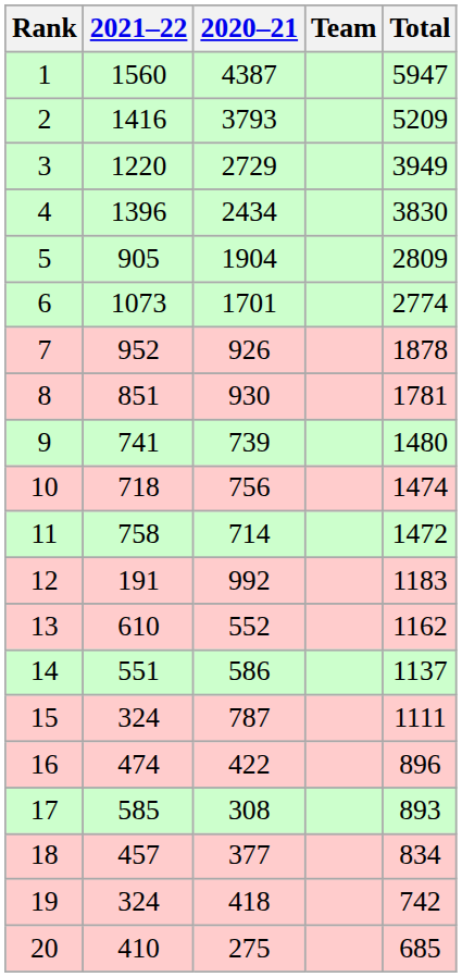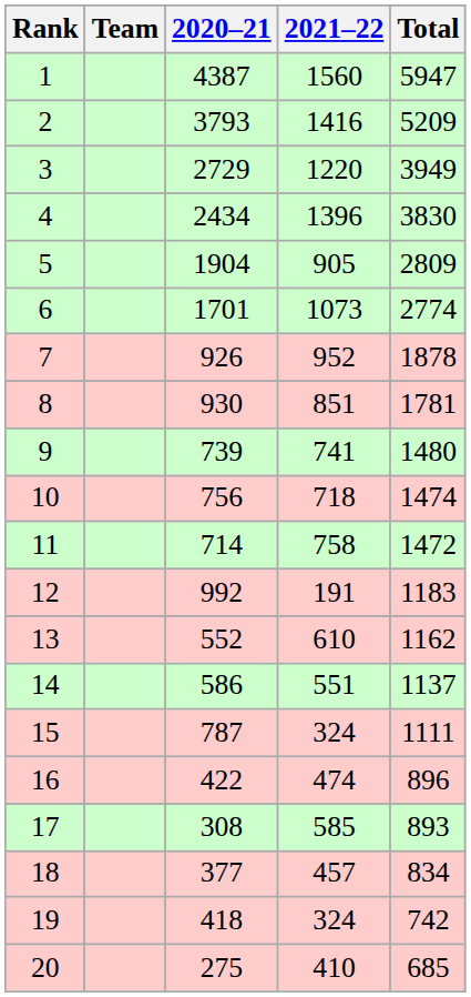 <table class="wikitable sortable" style="font-size:90%; text-align:center ">
 <tr>
 <th>Rank</th>
+<th>Team</th>
+<th><a href='#'>2020–21</a></th>
 <th><a href='#'>2021–22</a></th>
-<th><a href='#'>2020–21</a></th>
-<th>Team</th>
 <th>Total</th>
 </tr>
 <tr style="background: #ccffcc;">
 <td>1</td>
+<td align=left></td>
+<td>4387</td>
 <td>1560</td>
-<td>4387</td>
-<td align=left></td>
 <td>5947</td>
 </tr>
 <tr style="background: #ccffcc;">
 <td>2</td>
+<td align=left></td>
+<td>3793</td>
 <td>1416</td>
-<td>3793</td>
-<td align=left></td>
 <td>5209</td>
 </tr>
 <tr style="background: #ccffcc;">
 <td>3</td>
+<td align=left></td>
+<td>2729</td>
 <td>1220</td>
-<td>2729</td>
-<td align=left></td>
 <td>3949</td>
 </tr>
 <tr style="background: #ccffcc;">
 <td>4</td>
+<td align=left></td>
+<td>2434</td>
 <td>1396</td>
-<td>2434</td>
-<td align=left></td>
 <td>3830</td>
 </tr>
 <tr style="background: #ccffcc;">
 <td>5</td>
+<td align=left></td>
+<td>1904</td>
 <td>905</td>
-<td>1904</td>
-<td align=left></td>
 <td>2809</td>
 </tr>
 <tr style="background: #ccffcc;">
 <td>6</td>
+<td align=left></td>
+<td>1701</td>
 <td>1073</td>
-<td>1701</td>
-<td align=left></td>
 <td>2774</td>
 </tr>
 <tr style="background: #FFCCCC;">
 <td>7</td>
+<td align=left></td>
+<td>926</td>
 <td>952</td>
-<td>926</td>
-<td align=left></td>
 <td>1878</td>
 </tr>
 <tr style="background: #FFCCCC;">
 <td>8</td>
+<td align=left></td>
+<td>930</td>
 <td>851</td>
-<td>930</td>
-<td align=left></td>
 <td>1781</td>
 </tr>
 <tr style="background: #ccffcc;">
 <td>9</td>
+<td align=left></td>
+<td>739</td>
 <td>741</td>
-<td>739</td>
-<td align=left></td>
 <td>1480</td>
 </tr>
 <tr style="background: #FFCCCC;">
 <td>10</td>
+<td align=left></td>
+<td>756</td>
 <td>718</td>
-<td>756</td>
-<td align=left></td>
 <td>1474</td>
 </tr>
 <tr style="background: #ccffcc;">
 <td>11</td>
+<td align=left></td>
+<td>714</td>
 <td>758</td>
-<td>714</td>
-<td align=left></td>
 <td>1472</td>
 </tr>
 <tr style="background: #FFCCCC;">
 <td>12</td>
+<td align=left></td>
+<td>992</td>
 <td>191</td>
-<td>992</td>
-<td align=left></td>
 <td>1183</td>
 </tr>
 <tr style="background: #FFCCCC;">
 <td>13</td>
+<td align=left></td>
+<td>552</td>
 <td>610</td>
-<td>552</td>
-<td align=left></td>
 <td>1162</td>
 </tr>
 <tr style="background: #ccffcc;">
 <td>14</td>
+<td align=left></td>
+<td>586</td>
 <td>551</td>
-<td>586</td>
-<td align=left></td>
 <td>1137</td>
 </tr>
 <tr style="background: #FFCCCC;">
 <td>15</td>
+<td align=left></td>
+<td>787</td>
 <td>324</td>
-<td>787</td>
-<td align=left></td>
 <td>1111</td>
 </tr>
 <tr style="background: #FFCCCC;">
 <td>16</td>
+<td align=left></td>
+<td>422</td>
 <td>474</td>
-<td>422</td>
-<td align=left></td>
 <td>896</td>
 </tr>
 <tr style="background: #ccffcc;">
 <td>17</td>
+<td align=left></td>
+<td>308</td>
 <td>585</td>
-<td>308</td>
-<td align=left></td>
 <td>893</td>
 </tr>
 <tr style="background: #FFCCCC;">
 <td>18</td>
+<td align=left></td>
+<td>377</td>
 <td>457</td>
-<td>377</td>
-<td align=left></td>
 <td>834</td>
 </tr>
 <tr style="background: #FFCCCC;">
 <td>19</td>
+<td align=left></td>
+<td>418</td>
 <td>324</td>
-<td>418</td>
-<td align=left></td>
 <td>742</td>
 </tr>
 <tr style="background: #FFCCCC;">
 <td>20</td>
+<td align=left></td>
+<td>275</td>
 <td>410</td>
-<td>275</td>
-<td align=left></td>
 <td>685</td>
 </tr>
 </table>
